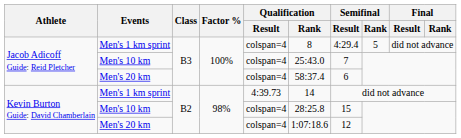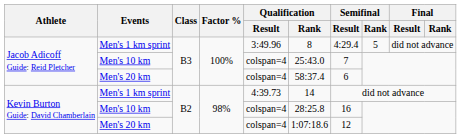 <table class="wikitable" style="font-size:90%">
 <tr>
 <th rowspan=2>Athlete</th>
 <th rowspan=2>Events</th>
 <th rowspan=2>Class</th>
 <th rowspan=2>Factor %</th>
 <th colspan=2>Qualification</th>
 <th colspan=2>Semifinal</th>
 <th colspan=2>Final</th>
 </tr>
 <tr>
 <th>Result</th>
 <th>Rank</th>
 <th>Result</th>
 <th>Rank</th>
 <th>Result</th>
 <th>Rank</th>
 </tr>
 <tr>
 <td rowspan=3><a href='#'>Jacob Adicoff</a><br><small><a href='#'>Guide</a>: <a href='#'>Reid Pletcher</a></small></td>
 <td><a href='#'>Men's 1 km sprint</a></td>
 <td align=center rowspan=3>B3</td>
 <td align=center rowspan=3>100%</td>
-<td>colspan=4 </td>
+<td align=center>3:49.96</td>
 <td align=center>8</td>
 <td align=center>4:29.4</td>
 <td align=center>5</td>
 <td align=center colspan=2>did not advance</td>
 </tr>
 <tr>
 <td><a href='#'>Men's 10 km</a></td>
 <td>colspan=4 </td>
 <td align=center>25:43.0</td>
 <td align=center>7</td>
 </tr>
 <tr>
 <td><a href='#'>Men's 20 km</a></td>
 <td>colspan=4 </td>
 <td align=center>58:37.4</td>
 <td align=center>6</td>
 </tr>
 <tr>
 <td rowspan=3><a href='#'>Kevin Burton</a><br><small><a href='#'>Guide</a>: <a href='#'>David Chamberlain</a></small></td>
 <td><a href='#'>Men's 1 km sprint</a></td>
 <td align=center rowspan=3>B2</td>
 <td align=center rowspan=3>98%</td>
 <td align=center>4:39.73</td>
 <td align=center>14</td>
 <td align=center colspan=4>did not advance</td>
 </tr>
 <tr>
 <td><a href='#'>Men's 10 km</a></td>
 <td>colspan=4 </td>
 <td align=center>28:25.8</td>
-<td align=center>15</td>
+<td align=center>16</td>
 </tr>
 <tr>
 <td><a href='#'>Men's 20 km</a></td>
 <td>colspan=4 </td>
 <td align=center>1:07:18.6</td>
 <td align=center>12</td>
 </tr>
 </table>
